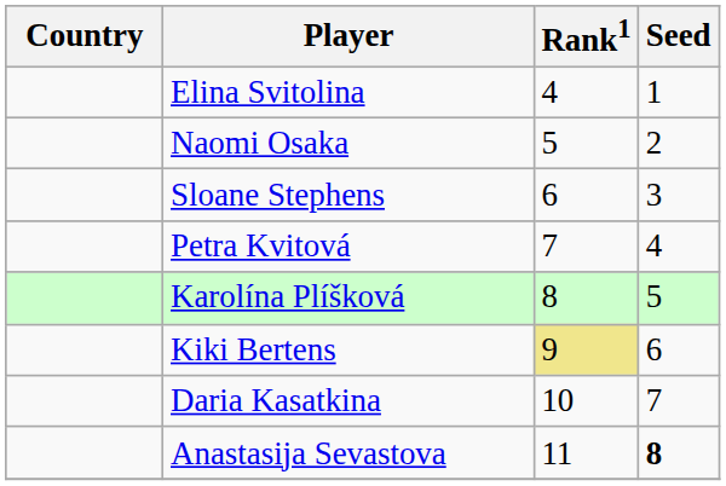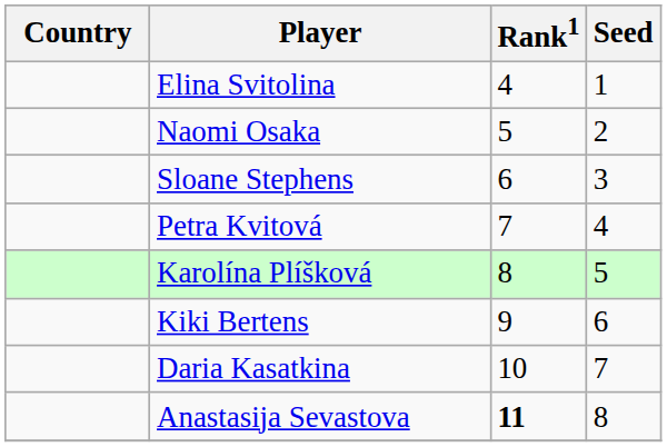 <table class="sortable wikitable">
 <tr>
 <th width=70>Country</th>
 <th width=175>Player</th>
 <th>Rank<sup>1</sup></th>
 <th>Seed</th>
 </tr>
 <tr>
 <td></td>
 <td><a href='#'>Elina Svitolina</a></td>
 <td>4</td>
 <td>1</td>
 </tr>
 <tr>
 <td></td>
 <td><a href='#'>Naomi Osaka</a></td>
 <td>5</td>
 <td>2</td>
 </tr>
 <tr>
 <td></td>
 <td><a href='#'>Sloane Stephens</a></td>
 <td>6</td>
 <td>3</td>
 </tr>
 <tr>
 <td></td>
 <td><a href='#'>Petra Kvitová</a></td>
 <td>7</td>
 <td>4</td>
 </tr>
 <tr style="background:#cfc;">
 <td></td>
 <td><a href='#'>Karolína Plíšková</a></td>
 <td>8</td>
 <td>5</td>
 </tr>
 <tr>
 <td></td>
 <td><a href='#'>Kiki Bertens</a></td>
-<td style="background: khaki;">9</td>
+<td>9</td>
 <td>6</td>
 </tr>
 <tr>
 <td></td>
 <td><a href='#'>Daria Kasatkina</a></td>
 <td>10</td>
 <td>7</td>
 </tr>
 <tr>
 <td></td>
 <td><a href='#'>Anastasija Sevastova</a></td>
-<td>11</td>
-<td><strong>8</strong></td>
+<td><strong>11</strong></td>
+<td>8</td>
 </tr>
 <tr>
 </tr>
 </table>
